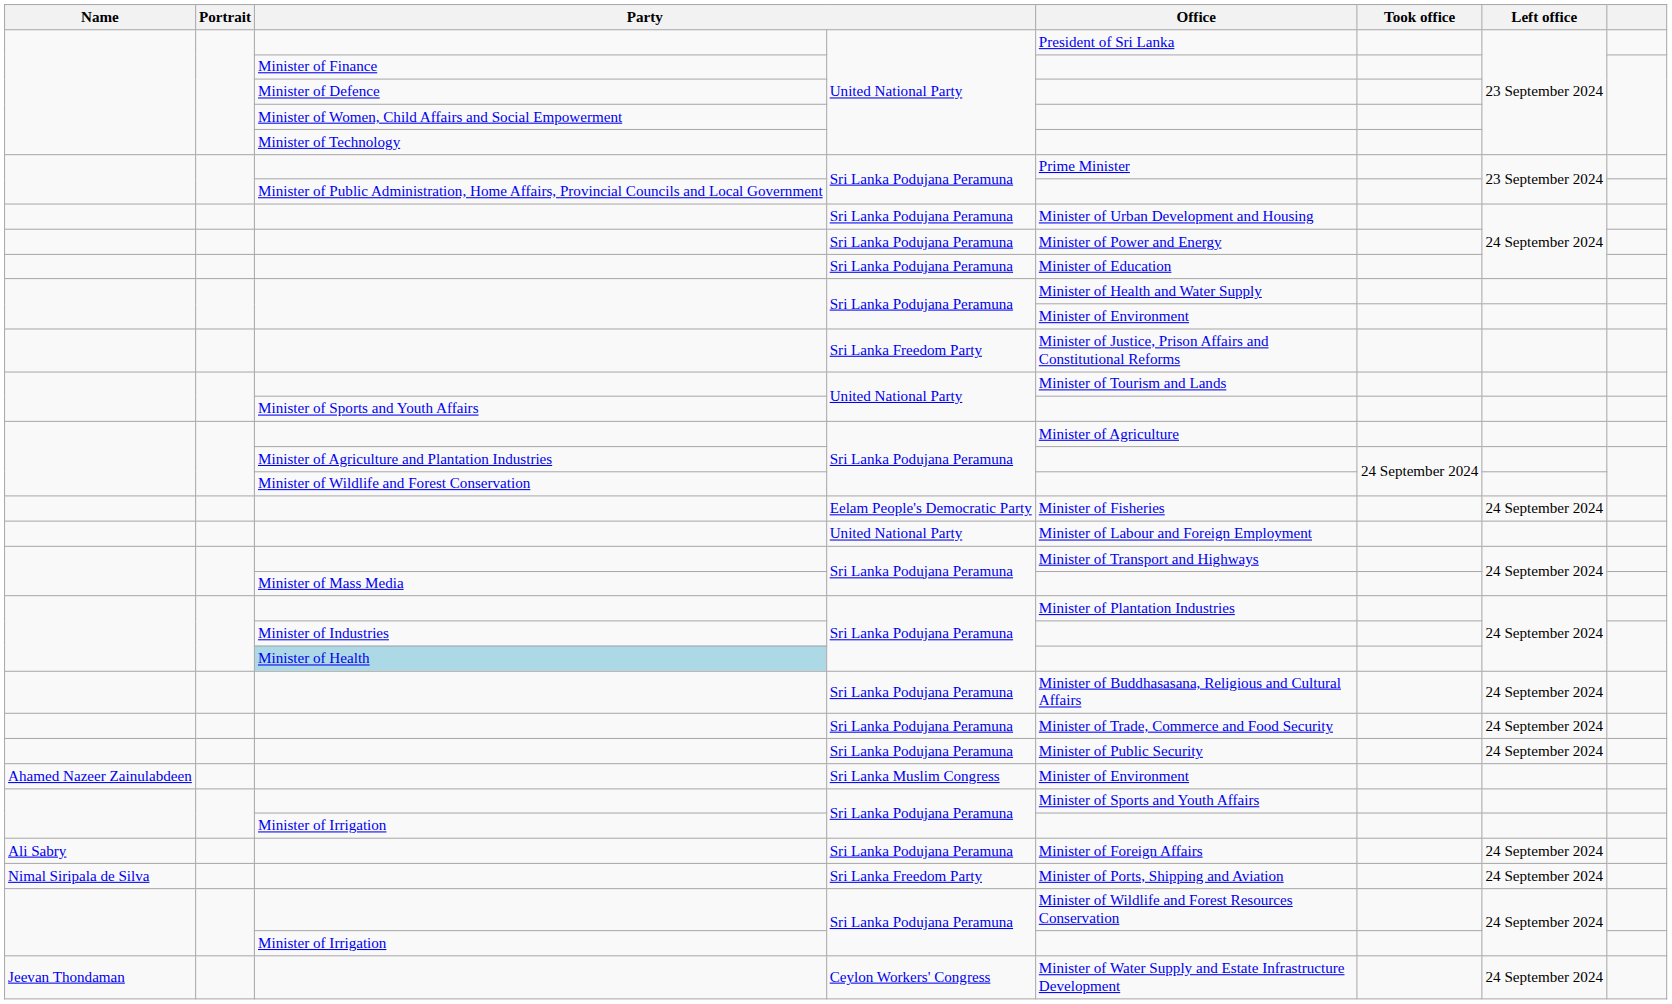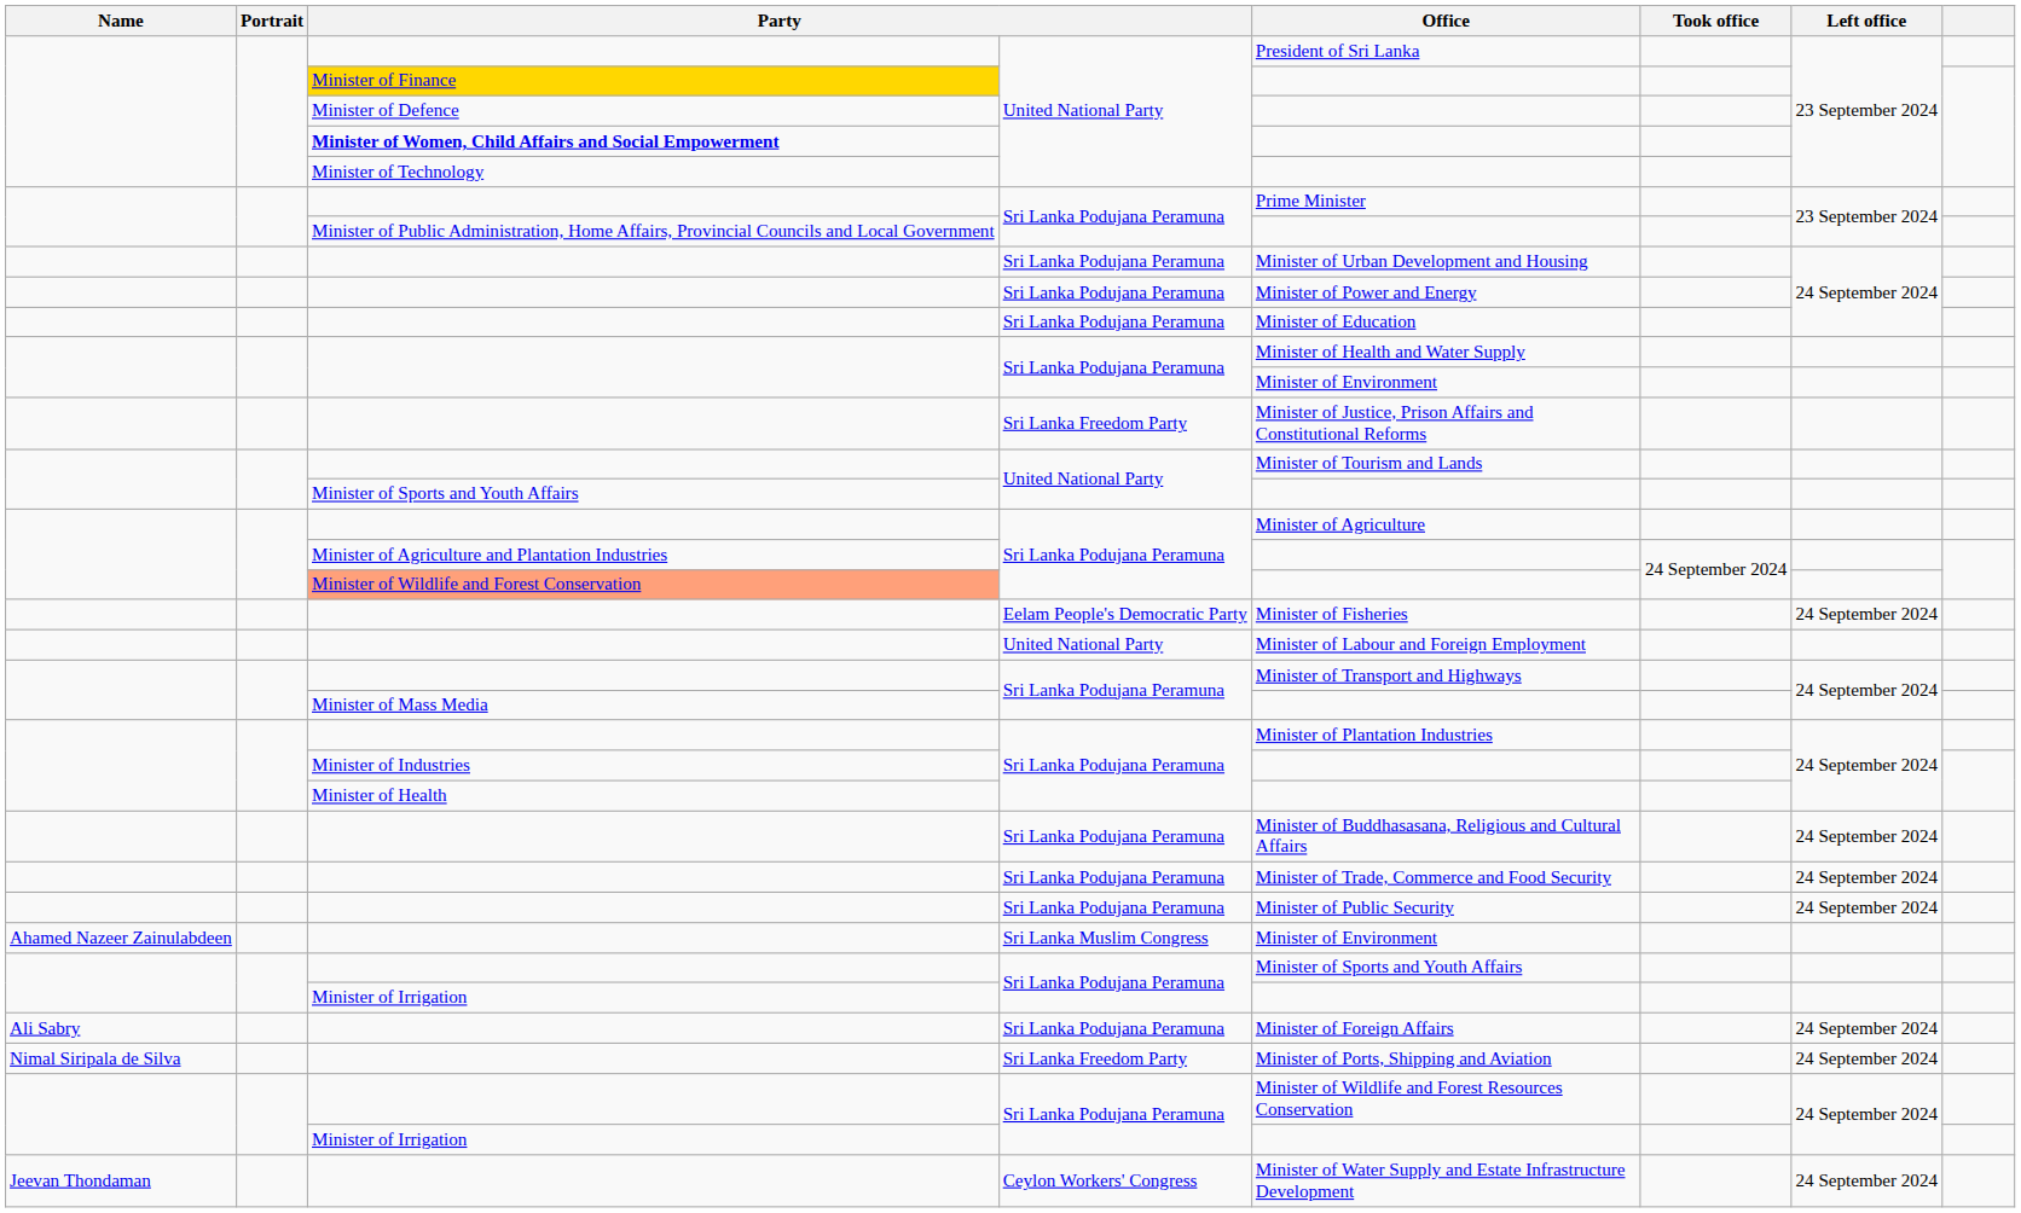 <table class="wikitable plainrowheaders sortable" style="font-size:90%; text-align:left;">
 <tr>
 <th scope="col">Name</th>
 <th scope="col" class="unsortable">Portrait</th>
 <th colspan="2" scope="col">Party</th>
 <th scope="col" width="300px">Office</th>
 <th scope="col">Took office</th>
 <th scope="col">Left office</th>
 <th scope="col" width="50px" class="unsortable"></th>
 </tr>
 <tr>
 <td rowspan="5"></td>
 <td rowspan="5" align="center"></td>
 <td style="background:"></td>
 <td rowspan="5"><a href='#'>United National Party</a></td>
 <td><a href='#'>President of Sri Lanka</a></td>
 <td align="center"></td>
 <td rowspan="5" align="center">23 September 2024</td>
 <td align="center"></td>
 </tr>
 <tr>
-<td><a href='#'>Minister of Finance</a></td>
+<td style="background: gold;"><a href='#'>Minister of Finance</a></td>
 <td align="center"></td>
 <td align="center"></td>
 </tr>
 <tr>
 <td><a href='#'>Minister of Defence</a></td>
 <td align="center"></td>
 <td></td>
 </tr>
 <tr>
-<td><a href='#'>Minister of Women, Child Affairs and Social Empowerment</a></td>
+<td><strong><a href='#'>Minister of Women, Child Affairs and Social Empowerment</a></strong></td>
 <td align="center"></td>
 <td></td>
 </tr>
 <tr>
 <td><a href='#'>Minister of Technology</a></td>
 <td align="center"></td>
 <td></td>
 </tr>
 <tr>
 <td rowspan="2"></td>
 <td rowspan="2" align="center"></td>
 <td style="background:"></td>
 <td rowspan="2"><a href='#'>Sri Lanka Podujana Peramuna</a></td>
 <td><a href='#'>Prime Minister</a></td>
 <td align="center"></td>
 <td rowspan="2" align="center">23 September 2024</td>
 <td align="center"></td>
 </tr>
 <tr>
 <td><a href='#'>Minister of Public Administration, Home Affairs, Provincial Councils and Local Government</a></td>
 <td align="center"></td>
 <td align="center"></td>
 </tr>
 <tr>
 <td></td>
 <td align="center"></td>
 <td style="background:"></td>
 <td><a href='#'>Sri Lanka Podujana Peramuna</a></td>
 <td><a href='#'>Minister of Urban Development and Housing</a></td>
 <td align="center"></td>
 <td rowspan="3" align="center">24 September 2024</td>
 <td align="center"></td>
 </tr>
 <tr>
 <td></td>
 <td align="center"></td>
 <td style="background:"></td>
 <td><a href='#'>Sri Lanka Podujana Peramuna</a></td>
 <td><a href='#'>Minister of Power and Energy</a></td>
 <td align="center"></td>
 <td align="center"></td>
 </tr>
 <tr>
 <td></td>
 <td align="center"></td>
 <td style="background:"></td>
 <td><a href='#'>Sri Lanka Podujana Peramuna</a></td>
 <td><a href='#'>Minister of Education</a></td>
 <td align="center"></td>
 <td align="center"></td>
 </tr>
 <tr>
 <td rowspan="2"></td>
 <td rowspan="2" align="center"></td>
 <td rowspan="2" style="background:"></td>
 <td rowspan="2"><a href='#'>Sri Lanka Podujana Peramuna</a></td>
 <td><a href='#'>Minister of Health and Water Supply</a></td>
 <td align="center"></td>
 <td align="center"></td>
 <td align="center"></td>
 </tr>
 <tr>
 <td><a href='#'>Minister of Environment</a></td>
 <td align="center"></td>
 <td align="center"></td>
 <td align="center"></td>
 </tr>
 <tr>
 <td></td>
 <td align="center"></td>
 <td style="background:"></td>
 <td><a href='#'>Sri Lanka Freedom Party</a></td>
 <td><a href='#'>Minister of Justice, Prison Affairs and Constitutional Reforms</a></td>
 <td align="center"></td>
 <td align="center"></td>
 <td align="center"></td>
 </tr>
 <tr>
 <td rowspan="2"></td>
 <td rowspan="2" align="center"></td>
 <td style="background:"></td>
 <td rowspan="2"><a href='#'>United National Party</a></td>
 <td><a href='#'>Minister of Tourism and Lands</a></td>
 <td align="center"></td>
 <td align="center"></td>
 <td align="center"></td>
 </tr>
 <tr>
 <td><a href='#'>Minister of Sports and Youth Affairs</a></td>
 <td align="center"></td>
 <td align="center"></td>
 <td align="center"></td>
 </tr>
 <tr>
 <td rowspan="3"></td>
 <td rowspan="3" align="center"></td>
 <td style="background:"></td>
 <td rowspan="3"><a href='#'>Sri Lanka Podujana Peramuna</a></td>
 <td><a href='#'>Minister of Agriculture</a></td>
 <td align="center"></td>
 <td align="center"></td>
 <td align="center"></td>
 </tr>
 <tr>
 <td><a href='#'>Minister of Agriculture and Plantation Industries</a></td>
 <td align="center"></td>
 <td rowspan="2" align="center">24 September 2024</td>
 <td align="center"></td>
 </tr>
 <tr>
-<td><a href='#'>Minister of Wildlife and Forest Conservation</a></td>
+<td style="background: lightsalmon;"><a href='#'>Minister of Wildlife and Forest Conservation</a></td>
 <td align="center"></td>
 <td align="center"></td>
 </tr>
 <tr>
 <td></td>
 <td align="center"></td>
 <td style="background:"></td>
 <td><a href='#'>Eelam People's Democratic Party</a></td>
 <td><a href='#'>Minister of Fisheries</a></td>
 <td align="center"></td>
 <td align="center">24 September 2024</td>
 <td align="center"></td>
 </tr>
 <tr>
 <td></td>
 <td align="center"></td>
 <td style="background:"></td>
 <td><a href='#'>United National Party</a></td>
 <td><a href='#'>Minister of Labour and Foreign Employment</a></td>
 <td align="center"></td>
 <td align="center"></td>
 <td align="center"></td>
 </tr>
 <tr>
 <td rowspan="2"></td>
 <td rowspan="2" align="center"></td>
 <td style="background:"></td>
 <td rowspan="2"><a href='#'>Sri Lanka Podujana Peramuna</a></td>
 <td><a href='#'>Minister of Transport and Highways</a></td>
 <td align="center"></td>
 <td rowspan="2" align="center">24 September 2024</td>
 <td align="center"></td>
 </tr>
 <tr>
 <td><a href='#'>Minister of Mass Media</a></td>
 <td align="center"></td>
 <td align="center"></td>
 </tr>
 <tr>
 <td rowspan="3"></td>
 <td rowspan="3" align="center"></td>
 <td style="background:"></td>
 <td rowspan="3"><a href='#'>Sri Lanka Podujana Peramuna</a></td>
 <td><a href='#'>Minister of Plantation Industries</a></td>
 <td align="center"></td>
 <td rowspan="3" align="center">24 September 2024</td>
 <td align="center"></td>
 </tr>
 <tr>
 <td><a href='#'>Minister of Industries</a></td>
 <td align="center"></td>
 <td align="center"></td>
 </tr>
 <tr>
-<td style="background: lightblue;"><a href='#'>Minister of Health</a></td>
+<td><a href='#'>Minister of Health</a></td>
 <td align="center"></td>
 <td align="center"></td>
 </tr>
 <tr>
 <td></td>
 <td align="center"></td>
 <td style="background:"></td>
 <td><a href='#'>Sri Lanka Podujana Peramuna</a></td>
 <td><a href='#'>Minister of Buddhasasana, Religious and Cultural Affairs</a></td>
 <td align="center"></td>
 <td align="center">24 September 2024</td>
 <td align="center"></td>
 </tr>
 <tr>
 <td></td>
 <td align="center"></td>
 <td style="background:"></td>
 <td><a href='#'>Sri Lanka Podujana Peramuna</a></td>
 <td><a href='#'>Minister of Trade, Commerce and Food Security</a></td>
 <td align="center"></td>
 <td align="center">24 September 2024</td>
 <td align="center"></td>
 </tr>
 <tr>
 <td></td>
 <td align="center"></td>
 <td style="background:"></td>
 <td><a href='#'>Sri Lanka Podujana Peramuna</a></td>
 <td><a href='#'>Minister of Public Security</a></td>
 <td align="center"></td>
 <td align="center">24 September 2024</td>
 <td align="center"></td>
 </tr>
 <tr>
 <td><a href='#'>Ahamed Nazeer Zainulabdeen</a></td>
 <td align="center"></td>
 <td style="background:"></td>
 <td><a href='#'>Sri Lanka Muslim Congress</a></td>
 <td><a href='#'>Minister of Environment</a></td>
 <td align="center"></td>
 <td align="center"></td>
 <td align="center"></td>
 </tr>
 <tr>
 <td rowspan="2"></td>
 <td rowspan="2" align="center"></td>
 <td style="background:"></td>
 <td rowspan="2"><a href='#'>Sri Lanka Podujana Peramuna</a></td>
 <td><a href='#'>Minister of Sports and Youth Affairs</a></td>
 <td align="center"></td>
 <td align="center"></td>
 <td align="center"></td>
 </tr>
 <tr>
 <td><a href='#'>Minister of Irrigation</a></td>
 <td align="center"></td>
 <td align="center"></td>
 <td align="center"></td>
 </tr>
 <tr>
 <td><a href='#'>Ali Sabry</a></td>
 <td align="center"></td>
 <td style="background:"></td>
 <td><a href='#'>Sri Lanka Podujana Peramuna</a></td>
 <td><a href='#'>Minister of Foreign Affairs</a></td>
 <td align="center"></td>
 <td align="center">24 September 2024</td>
 <td align="center"></td>
 </tr>
 <tr>
 <td><a href='#'>Nimal Siripala de Silva</a></td>
 <td align="center"></td>
 <td style="background:"></td>
 <td><a href='#'>Sri Lanka Freedom Party</a></td>
 <td><a href='#'>Minister of Ports, Shipping and Aviation</a></td>
 <td align="center"></td>
 <td align="center">24 September 2024</td>
 <td align="center"></td>
 </tr>
 <tr>
 <td rowspan="2"></td>
 <td rowspan="2" align="center"></td>
 <td style="background:"></td>
 <td rowspan="2"><a href='#'>Sri Lanka Podujana Peramuna</a></td>
 <td><a href='#'>Minister of Wildlife and Forest Resources Conservation</a></td>
 <td align="center"></td>
 <td rowspan="2" align="center">24 September 2024</td>
 <td align="center"></td>
 </tr>
 <tr>
 <td><a href='#'>Minister of Irrigation</a></td>
 <td align="center"></td>
 <td align="center"></td>
 </tr>
 <tr>
 <td><a href='#'>Jeevan Thondaman</a></td>
 <td align="center"></td>
 <td style="background:"></td>
 <td><a href='#'>Ceylon Workers' Congress</a></td>
 <td><a href='#'>Minister of Water Supply and Estate Infrastructure Development</a></td>
 <td align="center"></td>
 <td align="center">24 September 2024</td>
 <td align="center"></td>
 </tr>
 </table>
